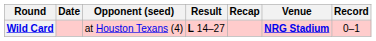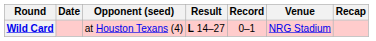 <table class="wikitable" style="text-align:center">
 <tr>
 <th>Round</th>
 <th>Date</th>
 <th>Opponent (seed)</th>
 <th>Result</th>
+<th>Record</th>
+<th>Venue</th>
 <th>Recap</th>
-<th>Venue</th>
-<th>Record</th>
 </tr>
 <tr style="background:#fcc">
 <th><a href='#'>Wild Card</a></th>
 <td></td>
 <td>at <a href='#'>Houston Texans</a> (4)</td>
 <td><strong>L</strong> 14–27</td>
+<td>0–1</td>
+<td><a href='#'>NRG Stadium</a></td>
 <td></td>
-<td><strong><a href='#'>NRG Stadium</a></strong></td>
-<td>0–1</td>
 </tr>
 </table>
